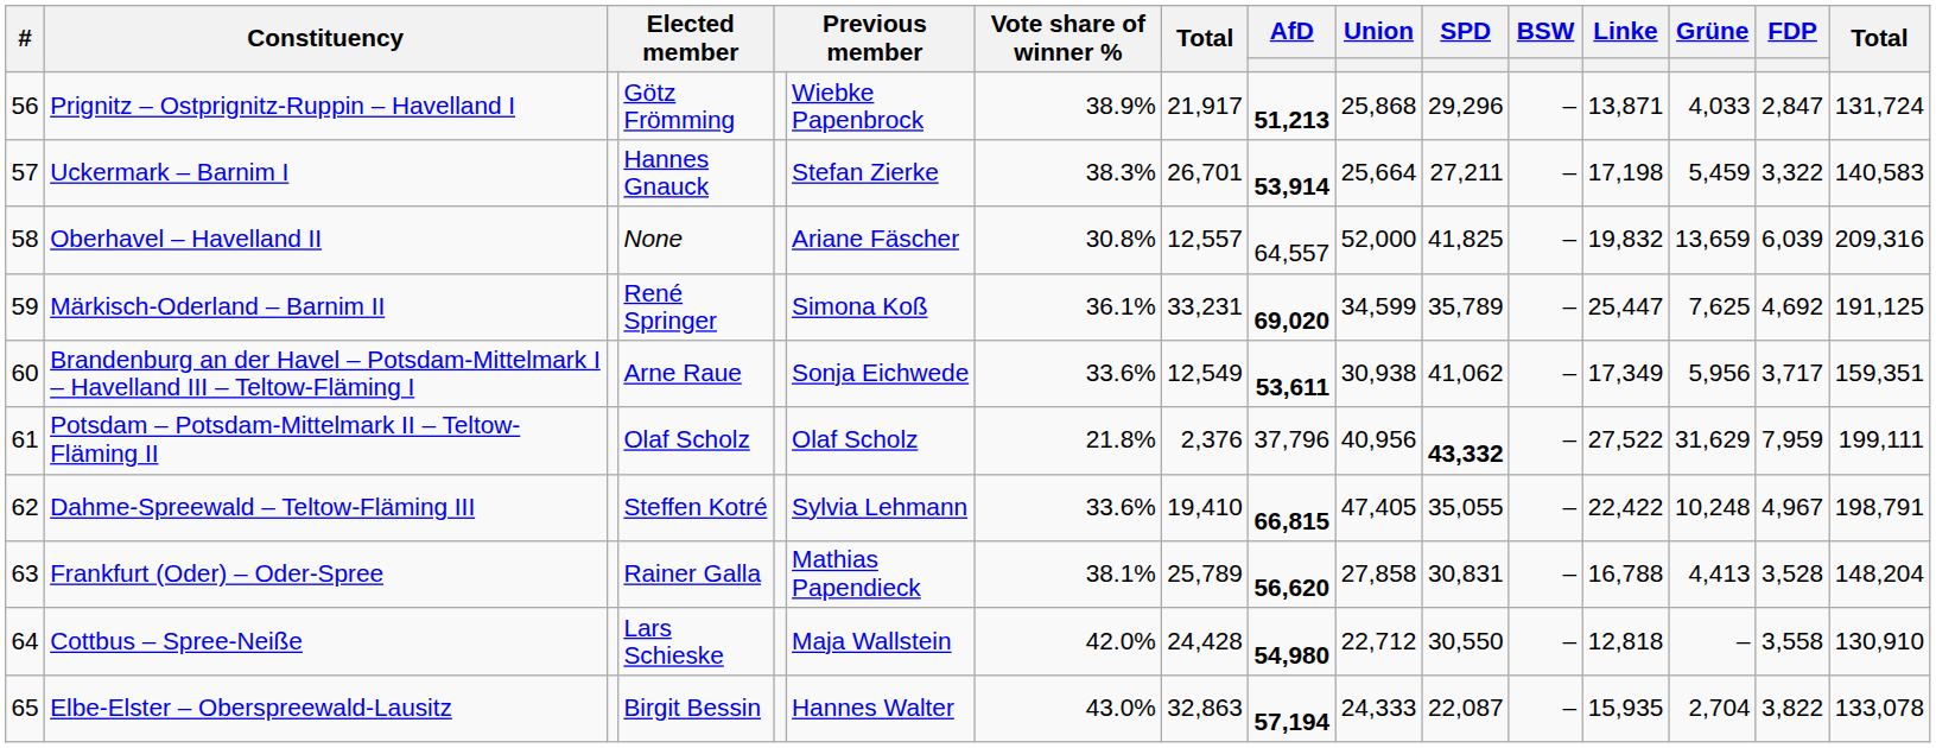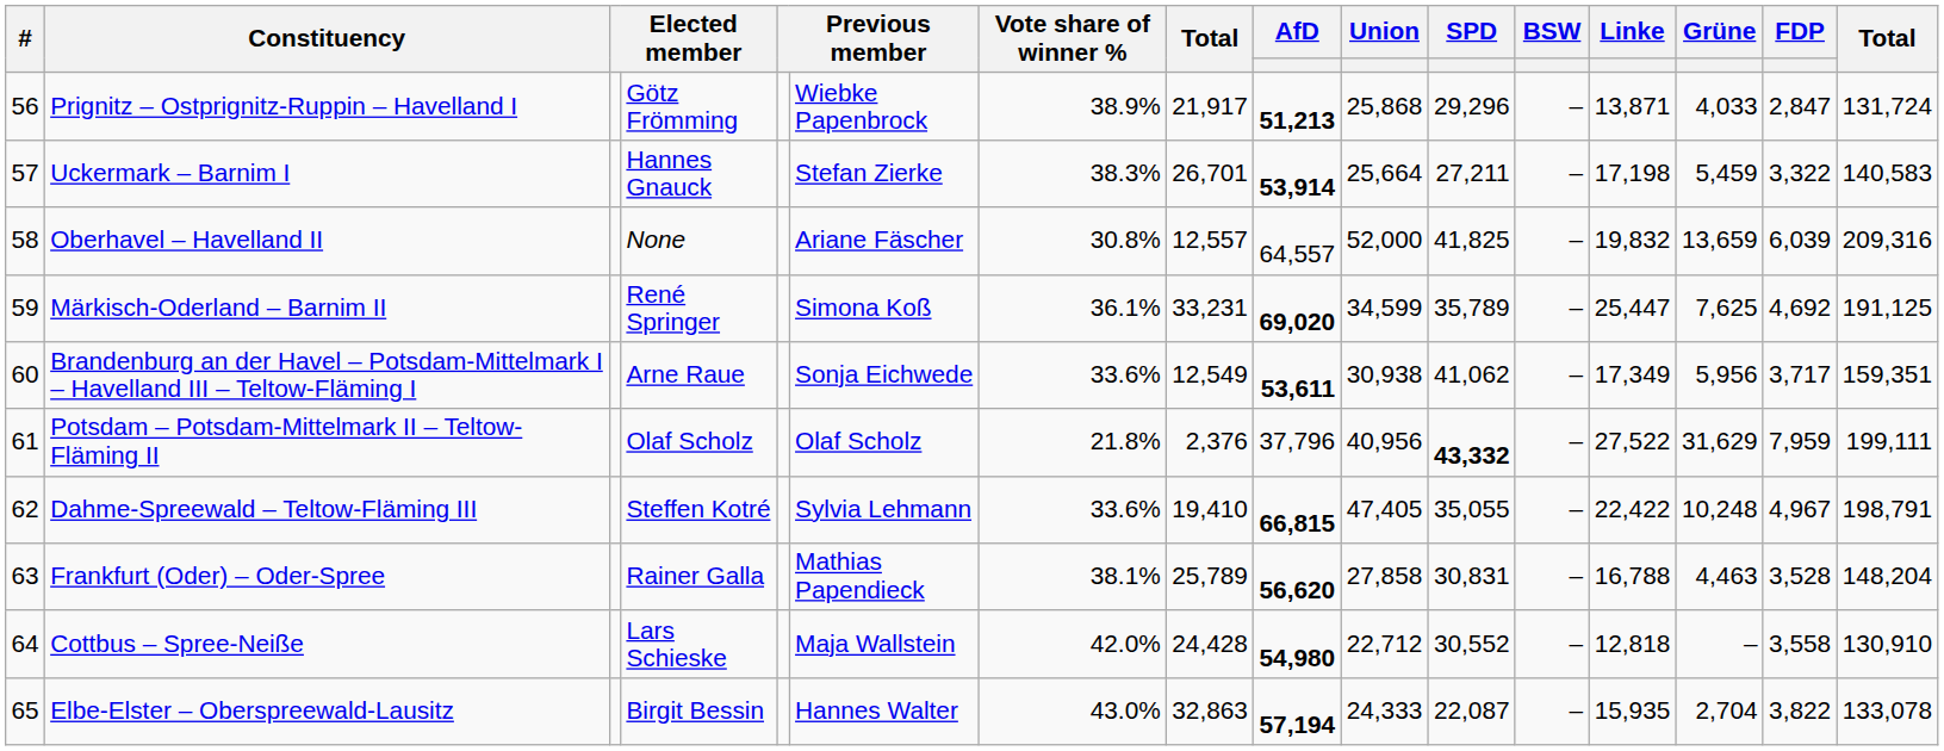 <table class="wikitable sortable" style="text-align:right">
 <tr>
 <th rowspan="2">#</th>
 <th rowspan="2">Constituency</th>
 <th rowspan="2" colspan="2">Elected member</th>
 <th rowspan="2" colspan="2">Previous member</th>
 <th rowspan="2">Vote share of winner %</th>
 <th class="wikitable sortable" style="width:40px;" rowspan="2">Total</th>
 <th class="wikitable sortable" style="width:40px;"><a href='#'>AfD</a></th>
 <th class="wikitable sortable" style="width:40px;"><a href='#'>Union</a></th>
 <th class="wikitable sortable" style="width:40px;"><a href='#'>SPD</a></th>
 <th class="wikitable sortable" style="width:40px;"><a href='#'>BSW</a></th>
 <th class="wikitable sortable" style="width:40px;"><a href='#'>Linke</a></th>
 <th class="wikitable sortable" style="width:40px;"><a href='#'>Grüne</a></th>
 <th class="wikitable sortable" style="width:40px;"><a href='#'>FDP</a></th>
 <th class="wikitable sortable" style="width:40px;" rowspan="2">Total</th>
 </tr>
 <tr>
 <th class="wikitable sortable" style="background:"></th>
 <th class="wikitable sortable" style="background:"></th>
 <th class="wikitable sortable" style="background:"></th>
 <th class="wikitable sortable" style="background:"></th>
 <th class="wikitable sortable" style="background:"></th>
 <th class="wikitable sortable" style="background:"></th>
 <th class="wikitable sortable" style="background:"></th>
 </tr>
 <tr>
 <td>56</td>
 <td align=left><a href='#'>Prignitz – Ostprignitz-Ruppin – Havelland I</a></td>
 <td bgcolor=></td>
 <td align=left><a href='#'>Götz Frömming</a></td>
 <td bgcolor=></td>
 <td align=left><a href='#'>Wiebke Papenbrock</a></td>
 <td>38.9%</td>
 <td>21,917</td>
 <td><br><strong>51,213</strong></td>
 <td>25,868</td>
 <td>29,296</td>
 <td>–</td>
 <td>13,871</td>
 <td>4,033</td>
 <td>2,847</td>
 <td>131,724</td>
 </tr>
 <tr>
 <td>57</td>
 <td align=left><a href='#'>Uckermark – Barnim I</a></td>
 <td bgcolor=></td>
 <td align=left><a href='#'>Hannes Gnauck</a></td>
 <td bgcolor=></td>
 <td align=left><a href='#'>Stefan Zierke</a></td>
 <td>38.3%</td>
 <td>26,701</td>
 <td><br><strong>53,914</strong></td>
 <td>25,664</td>
 <td>27,211</td>
 <td>–</td>
 <td>17,198</td>
 <td>5,459</td>
 <td>3,322</td>
 <td>140,583</td>
 </tr>
 <tr>
 <td>58</td>
 <td align=left><a href='#'>Oberhavel – Havelland II</a></td>
 <td bgcolor=></td>
 <td align=left><em>None</em></td>
 <td bgcolor=></td>
 <td align=left><a href='#'>Ariane Fäscher</a></td>
 <td>30.8%</td>
 <td>12,557</td>
 <td><br>64,557</td>
 <td>52,000</td>
 <td>41,825</td>
 <td>–</td>
 <td>19,832</td>
 <td>13,659</td>
 <td>6,039</td>
 <td>209,316</td>
 </tr>
 <tr>
 <td>59</td>
 <td align=left><a href='#'>Märkisch-Oderland – Barnim II</a></td>
 <td bgcolor=></td>
 <td align=left><a href='#'>René Springer</a></td>
 <td bgcolor=></td>
 <td align=left><a href='#'>Simona Koß</a></td>
 <td>36.1%</td>
 <td>33,231</td>
 <td><br><strong>69,020</strong></td>
 <td>34,599</td>
 <td>35,789</td>
 <td>–</td>
 <td>25,447</td>
 <td>7,625</td>
 <td>4,692</td>
 <td>191,125</td>
 </tr>
 <tr>
 <td>60</td>
 <td align=left><a href='#'>Brandenburg an der Havel – Potsdam-Mittelmark I – Havelland III – Teltow-Fläming I</a></td>
 <td bgcolor=></td>
 <td align=left><a href='#'>Arne Raue</a></td>
 <td bgcolor=></td>
 <td align=left><a href='#'>Sonja Eichwede</a></td>
 <td>33.6%</td>
 <td>12,549</td>
 <td><br><strong>53,611</strong></td>
 <td>30,938</td>
 <td>41,062</td>
 <td>–</td>
 <td>17,349</td>
 <td>5,956</td>
 <td>3,717</td>
 <td>159,351</td>
 </tr>
 <tr>
 <td>61</td>
 <td align=left><a href='#'>Potsdam – Potsdam-Mittelmark II – Teltow-Fläming II</a></td>
 <td bgcolor=></td>
 <td align=left><a href='#'>Olaf Scholz</a></td>
 <td bgcolor=></td>
 <td align=left><a href='#'>Olaf Scholz</a></td>
 <td>21.8%</td>
 <td>2,376</td>
 <td>37,796</td>
 <td>40,956</td>
 <td><br><strong>43,332</strong></td>
 <td>–</td>
 <td>27,522</td>
 <td>31,629</td>
 <td>7,959</td>
 <td>199,111</td>
 </tr>
 <tr>
 <td>62</td>
 <td align=left><a href='#'>Dahme-Spreewald – Teltow-Fläming III</a></td>
 <td bgcolor=></td>
 <td align=left><a href='#'>Steffen Kotré</a></td>
 <td bgcolor=></td>
 <td align=left><a href='#'>Sylvia Lehmann</a></td>
 <td>33.6%</td>
 <td>19,410</td>
 <td><br><strong>66,815</strong></td>
 <td>47,405</td>
 <td>35,055</td>
 <td>–</td>
 <td>22,422</td>
 <td>10,248</td>
 <td>4,967</td>
 <td>198,791</td>
 </tr>
 <tr>
 <td>63</td>
 <td align=left><a href='#'>Frankfurt (Oder) – Oder-Spree</a></td>
 <td bgcolor=></td>
 <td align=left><a href='#'>Rainer Galla</a></td>
 <td bgcolor=></td>
 <td align=left><a href='#'>Mathias Papendieck</a></td>
 <td>38.1%</td>
 <td>25,789</td>
 <td><br><strong>56,620</strong></td>
 <td>27,858</td>
 <td>30,831</td>
 <td>–</td>
 <td>16,788</td>
-<td>4,413</td>
+<td>4,463</td>
 <td>3,528</td>
 <td>148,204</td>
 </tr>
 <tr>
 <td>64</td>
 <td align=left><a href='#'>Cottbus – Spree-Neiße</a></td>
 <td bgcolor=></td>
 <td align=left><a href='#'>Lars Schieske</a></td>
 <td bgcolor=></td>
 <td align=left><a href='#'>Maja Wallstein</a></td>
 <td>42.0%</td>
 <td>24,428</td>
 <td><br><strong>54,980</strong></td>
 <td>22,712</td>
-<td>30,550</td>
+<td>30,552</td>
 <td>–</td>
 <td>12,818</td>
 <td>–</td>
 <td>3,558</td>
 <td>130,910</td>
 </tr>
 <tr>
 <td>65</td>
 <td align=left><a href='#'>Elbe-Elster – Oberspreewald-Lausitz</a></td>
 <td></td>
 <td align=left><a href='#'>Birgit Bessin</a></td>
 <td></td>
 <td align=left><a href='#'>Hannes Walter</a></td>
 <td>43.0%</td>
 <td>32,863</td>
 <td><br><strong>57,194</strong></td>
 <td>24,333</td>
 <td>22,087</td>
 <td>–</td>
 <td>15,935</td>
 <td>2,704</td>
 <td>3,822</td>
 <td>133,078</td>
 </tr>
 </table>
